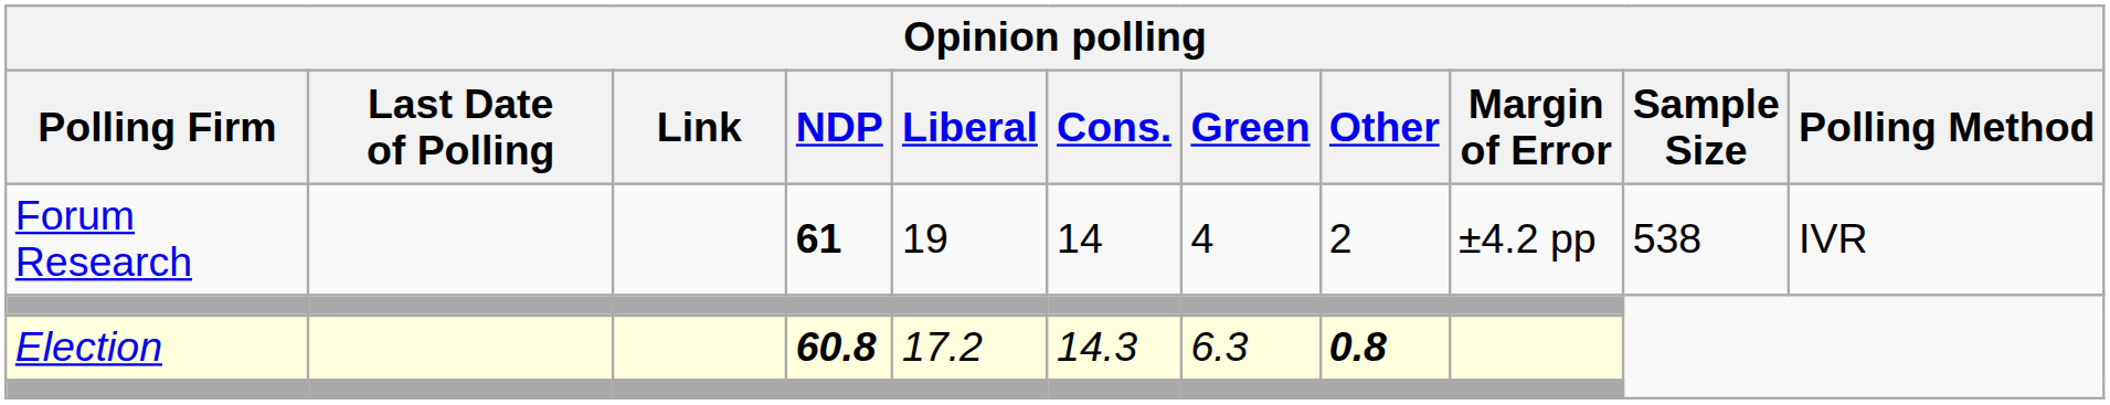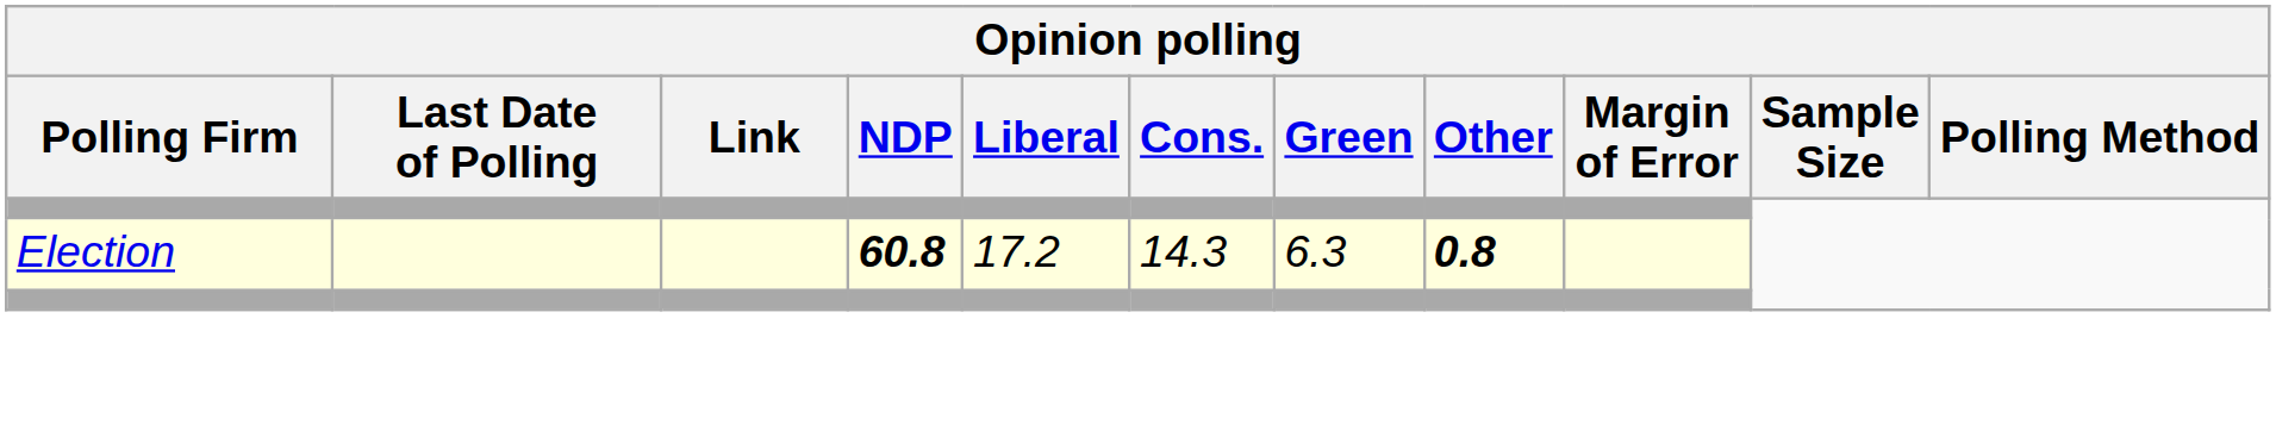 <table class="wikitable collapsible sortable collapsed">
 <tr style="background:#e9e9e9;">
 <th style="width:640px,;" colspan="11">Opinion polling</th>
 </tr>
 <tr style="background:#e9e9e9;">
 <th style="width:110px">Polling Firm</th>
 <th style="width:110px">Last Date<br>of Polling</th>
 <th style="width:60px" class="unsortable">Link</th>
 <th style="background-color:"><a href='#'>NDP</a></th>
 <th style="background-color:"><a href='#'>Liberal</a></th>
 <th style="background-color:"><a href='#'>Cons.</a></th>
 <th style="background-color:"><a href='#'>Green</a></th>
 <th style="background-color:"><a href='#'>Other</a></th>
 <th style="width:60px;" class=unsortable>Margin<br>of Error</th>
 <th style="width:50px;" class=unsortable>Sample<br>Size</th>
 <th class=unsortable>Polling Method</th>
-</tr>
-<tr>
-<td><a href='#'>Forum Research</a></td>
-<td></td>
-<td></td>
-<td><strong>61</strong></td>
-<td>19</td>
-<td>14</td>
-<td>4</td>
-<td>2</td>
-<td>±4.2 pp</td>
-<td>538</td>
-<td>IVR</td>
 </tr>
 <tr style="background:Darkgrey;">
 <td></td>
 <td></td>
 <td></td>
 <td></td>
 <td></td>
 <td></td>
 <td></td>
 <td></td>
 <td></td>
 </tr>
 <tr>
 <td style="background:#ffd;"><em><a href='#'>Election</a></em></td>
 <td style="background:#ffd;"></td>
 <td style="background:#ffd;"></td>
 <td style="background:#ffd;"><strong><em>60.8</em></strong></td>
 <td style="background:#ffd;"><em>17.2</em></td>
 <td style="background:#ffd;"><em>14.3</em></td>
 <td style="background:#ffd;"><em>6.3</em></td>
 <td style="background:#ffd;"><strong><em>0.8</em></strong></td>
 <td style="background:#ffd;"></td>
 </tr>
 <tr style="background:Darkgrey;">
 <td></td>
 <td></td>
 <td></td>
 <td></td>
 <td></td>
 <td></td>
 <td></td>
 <td></td>
 <td></td>
 </tr>
 </table>
